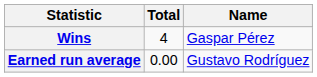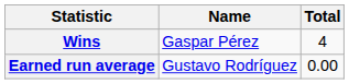 <table class="wikitable plainrowheaders">
 <tr>
 <th scope="col">Statistic</th>
+<th scope="col">Name</th>
 <th scope="col">Total</th>
-<th scope="col">Name</th>
 </tr>
 <tr>
 <th scope="row"><a href='#'>Wins</a></th>
+<td> <a href='#'>Gaspar Pérez</a></td>
 <td align=center>4</td>
-<td> <a href='#'>Gaspar Pérez</a></td>
 </tr>
 <tr>
 <th scope="row"><a href='#'>Earned run average</a></th>
+<td> <a href='#'>Gustavo Rodríguez</a></td>
 <td align=center>0.00</td>
-<td> <a href='#'>Gustavo Rodríguez</a></td>
 </tr>
 </table>
